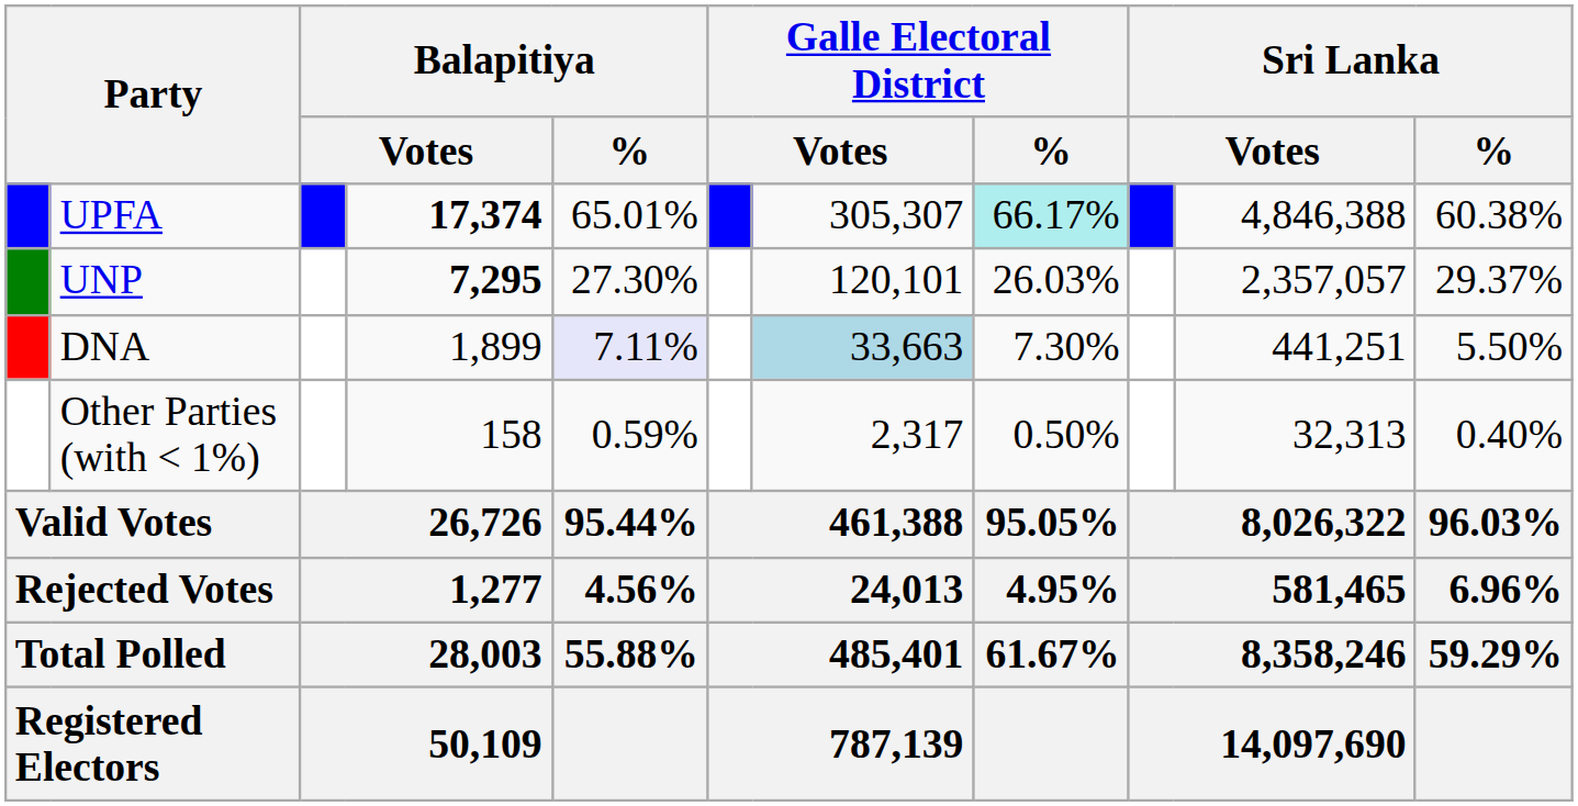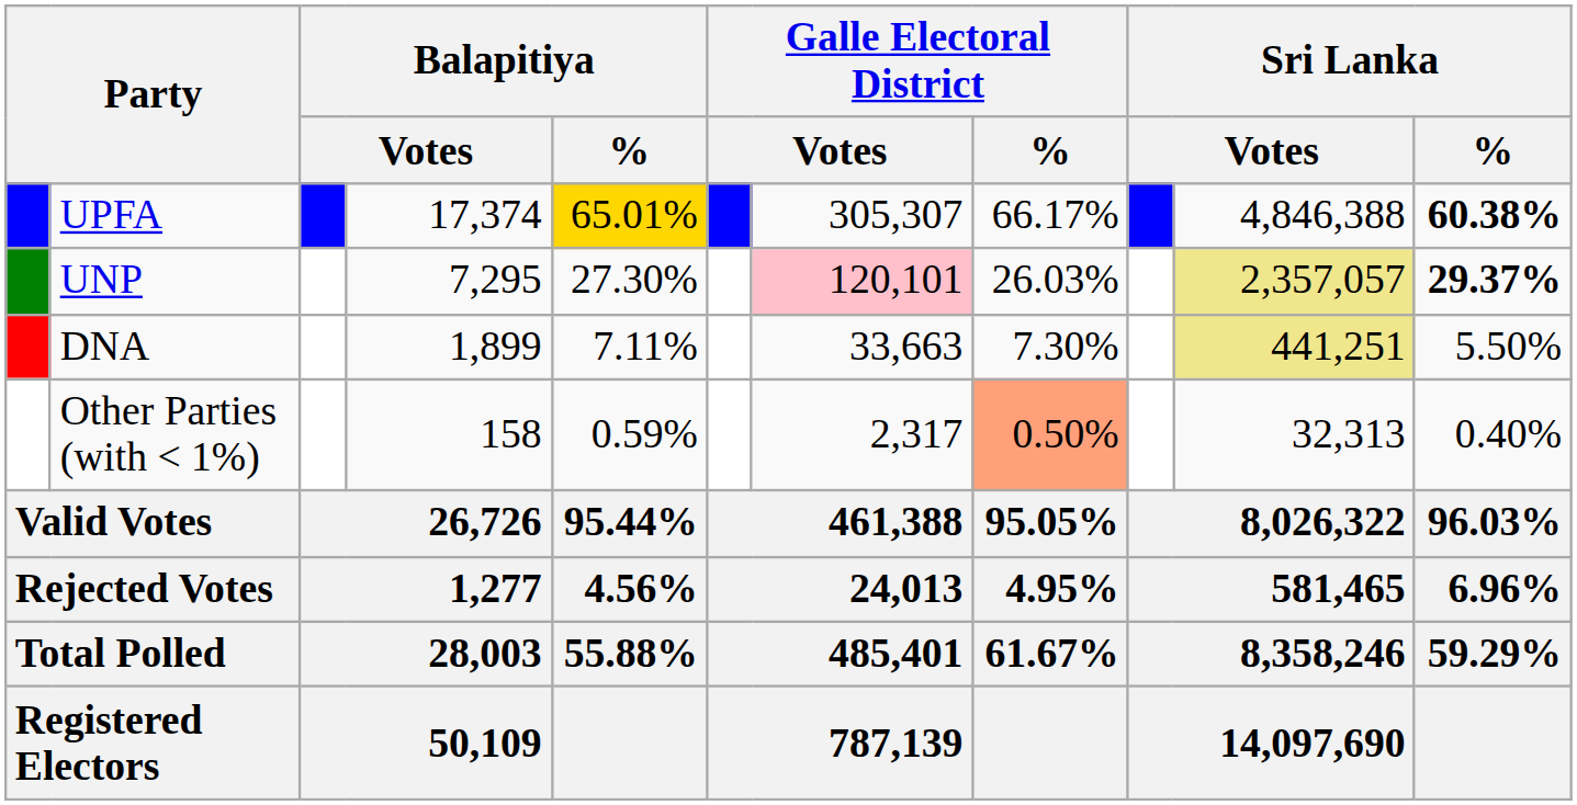 <table class="wikitable">
 <tr>
 <th colspan="2" width="144px"rowspan="2">Party</th>
 <th colspan="3" width="216px">Balapitiya</th>
 <th colspan="3" width="216px"><a href='#'>Galle Electoral District</a></th>
 <th colspan="3" width="216px">Sri Lanka</th>
 </tr>
 <tr>
 <th colspan="2" width="144px">Votes</th>
 <th>%</th>
 <th colspan="2" width="144px">Votes</th>
 <th>%</th>
 <th colspan="2" width="144px">Votes</th>
 <th>%</th>
 </tr>
 <tr>
 <td style="background-color:blue;" width="10px"></td>
 <td style="text-align:left;"><a href='#'>UPFA</a></td>
 <td style="background-color:blue;" width="10px"></td>
-<td style="text-align:right;"><strong>17,374</strong></td>
-<td style="text-align:right;">65.01%</td>
+<td style="text-align:right;">17,374</td>
+<td style="background: gold; text-align:right;">65.01%</td>
 <td style="background-color:blue;" width="10px"></td>
 <td style="text-align:right;">305,307</td>
-<td style="background: paleturquoise; text-align:right;">66.17%</td>
+<td style="text-align:right;">66.17%</td>
 <td style="background-color:blue;" width="10px"></td>
 <td style="text-align:right;">4,846,388</td>
-<td style="text-align:right;">60.38%</td>
+<td style="text-align:right;"><strong>60.38%</strong></td>
 </tr>
 <tr>
 <td style="background-color:green;" width="10px"></td>
 <td style="text-align:left;"><a href='#'>UNP</a></td>
 <td style="background-color:white;" width="10px"></td>
-<td style="text-align:right;"><strong>7,295</strong></td>
+<td style="text-align:right;">7,295</td>
 <td style="text-align:right;">27.30%</td>
 <td style="background-color:white;" width="10px"></td>
-<td style="text-align:right;">120,101</td>
+<td style="background: pink; text-align:right;">120,101</td>
 <td style="text-align:right;">26.03%</td>
 <td style="background-color:white;" width="10px"></td>
-<td style="text-align:right;">2,357,057</td>
-<td style="text-align:right;">29.37%</td>
+<td style="background: khaki; text-align:right;">2,357,057</td>
+<td style="text-align:right;"><strong>29.37%</strong></td>
 </tr>
 <tr>
 <td style="background-color:red;" width="10px"></td>
 <td style="text-align:left;">DNA</td>
 <td style="background-color:white;" width="10px"></td>
 <td style="text-align:right;">1,899</td>
-<td style="background: lavender; text-align:right;">7.11%</td>
+<td style="text-align:right;">7.11%</td>
 <td style="background-color:white;" width="10px"></td>
-<td style="background: lightblue; text-align:right;">33,663</td>
+<td style="text-align:right;">33,663</td>
 <td style="text-align:right;">7.30%</td>
 <td style="background-color:white;" width="10px"></td>
-<td style="text-align:right;">441,251</td>
+<td style="background: khaki; text-align:right;">441,251</td>
 <td style="text-align:right;">5.50%</td>
 </tr>
 <tr>
 <td style="background-color:white;" width="10px"></td>
 <td style="text-align:left;">Other Parties (with < 1%)</td>
 <td style="background-color:white;" width="10px"></td>
 <td style="text-align:right;">158</td>
 <td style="text-align:right;">0.59%</td>
 <td style="background-color:white;" width="10px"></td>
 <td style="text-align:right;">2,317</td>
-<td style="text-align:right;">0.50%</td>
+<td style="background: lightsalmon; text-align:right;">0.50%</td>
 <td style="background-color:white;" width="10px"></td>
 <td style="text-align:right;">32,313</td>
 <td style="text-align:right;">0.40%</td>
 </tr>
 <tr>
 <th colspan="2" width="144px"style="text-align:left;">Valid Votes</th>
 <th style="text-align:right;"colspan="2" width="144px">26,726</th>
 <th style="text-align:right;">95.44%</th>
 <th style="text-align:right;"colspan="2" width="144px">461,388</th>
 <th style="text-align:right;">95.05%</th>
 <th style="text-align:right;"colspan="2" width="144px">8,026,322</th>
 <th style="text-align:right;">96.03%</th>
 </tr>
 <tr>
 <th colspan="2" width="144px"style="text-align:left;">Rejected Votes</th>
 <th style="text-align:right;"colspan="2" width="144px">1,277</th>
 <th style="text-align:right;">4.56%</th>
 <th style="text-align:right;"colspan="2" width="144px">24,013</th>
 <th style="text-align:right;">4.95%</th>
 <th style="text-align:right;"colspan="2" width="144px">581,465</th>
 <th style="text-align:right;">6.96%</th>
 </tr>
 <tr>
 <th colspan="2" width="144px"style="text-align:left;">Total Polled</th>
 <th style="text-align:right;"colspan="2" width="144px">28,003</th>
 <th style="text-align:right;">55.88%</th>
 <th style="text-align:right;"colspan="2" width="144px">485,401</th>
 <th style="text-align:right;">61.67%</th>
 <th style="text-align:right;"colspan="2" width="144px">8,358,246</th>
 <th style="text-align:right;">59.29%</th>
 </tr>
 <tr>
 <th colspan="2" width="144px"style="text-align:left;">Registered Electors</th>
 <th style="text-align:right;"colspan="2" width="144px">50,109</th>
 <th></th>
 <th style="text-align:right;"colspan="2" width="144px">787,139</th>
 <th></th>
 <th style="text-align:right;"colspan="2" width="144px">14,097,690</th>
 <th></th>
 </tr>
 </table>
